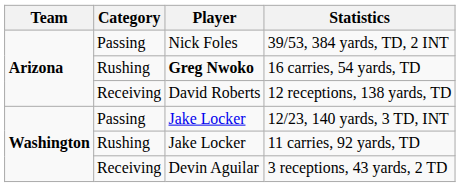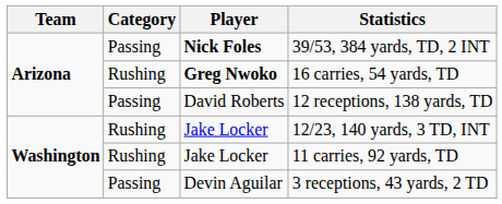 <table class="wikitable" style="float: right;">
 <tr>
 <th>Team</th>
 <th>Category</th>
 <th>Player</th>
 <th>Statistics</th>
 </tr>
 <tr>
 <td rowspan=3><strong>Arizona</strong></td>
 <td>Passing</td>
-<td>Nick Foles</td>
+<td><strong>Nick Foles</strong></td>
 <td>39/53, 384 yards, TD, 2 INT</td>
 </tr>
 <tr>
 <td>Rushing</td>
 <td><strong>Greg Nwoko</strong></td>
 <td>16 carries, 54 yards, TD</td>
 </tr>
 <tr>
-<td>Receiving</td>
+<td>Passing</td>
 <td>David Roberts</td>
 <td>12 receptions, 138 yards, TD</td>
 </tr>
 <tr>
 <td rowspan=3><strong>Washington</strong></td>
-<td>Passing</td>
+<td>Rushing</td>
 <td><a href='#'>Jake Locker</a></td>
 <td>12/23, 140 yards, 3 TD, INT</td>
 </tr>
 <tr>
 <td>Rushing</td>
 <td>Jake Locker</td>
 <td>11 carries, 92 yards, TD</td>
 </tr>
 <tr>
-<td>Receiving</td>
+<td>Passing</td>
 <td>Devin Aguilar</td>
 <td>3 receptions, 43 yards, 2 TD</td>
 </tr>
 </table>
